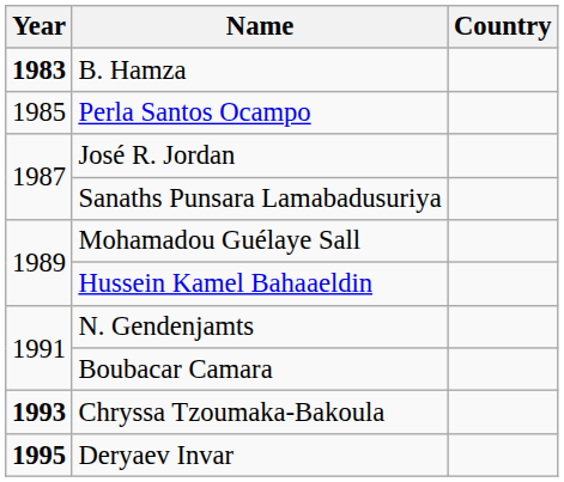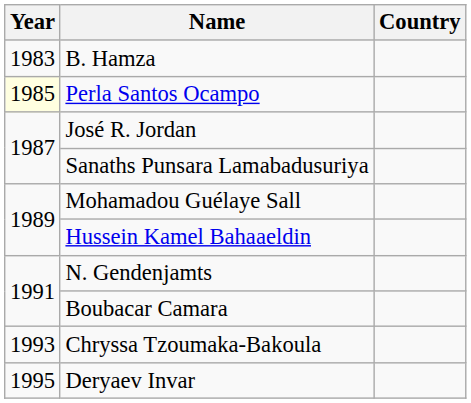 <table class="wikitable sortable">
 <tr>
 <th>Year</th>
 <th>Name</th>
 <th>Country</th>
 </tr>
 <tr>
-<td><strong>1983</strong></td>
+<td>1983</td>
 <td>B. Hamza</td>
 <td></td>
 </tr>
 <tr>
-<td>1985</td>
+<td style="background: lightyellow;">1985</td>
 <td><a href='#'>Perla Santos Ocampo</a></td>
 <td></td>
 </tr>
 <tr>
 <td rowspan="2">1987</td>
 <td>José R. Jordan</td>
 <td></td>
 </tr>
 <tr>
 <td>Sanaths Punsara Lamabadusuriya</td>
 <td></td>
 </tr>
 <tr>
 <td rowspan="2" id="1989">1989</td>
 <td>Mohamadou Guélaye Sall</td>
 <td></td>
 </tr>
 <tr>
 <td><a href='#'>Hussein Kamel Bahaaeldin</a></td>
 <td></td>
 </tr>
 <tr>
 <td rowspan="2">1991</td>
 <td>N. Gendenjamts</td>
 <td></td>
 </tr>
 <tr>
 <td>Boubacar Camara</td>
 <td></td>
 </tr>
 <tr>
-<td><strong>1993</strong></td>
+<td>1993</td>
 <td>Chryssa Tzoumaka-Bakoula</td>
 <td></td>
 </tr>
 <tr>
-<td><strong>1995</strong></td>
+<td>1995</td>
 <td>Deryaev Invar</td>
 <td></td>
 </tr>
 </table>
